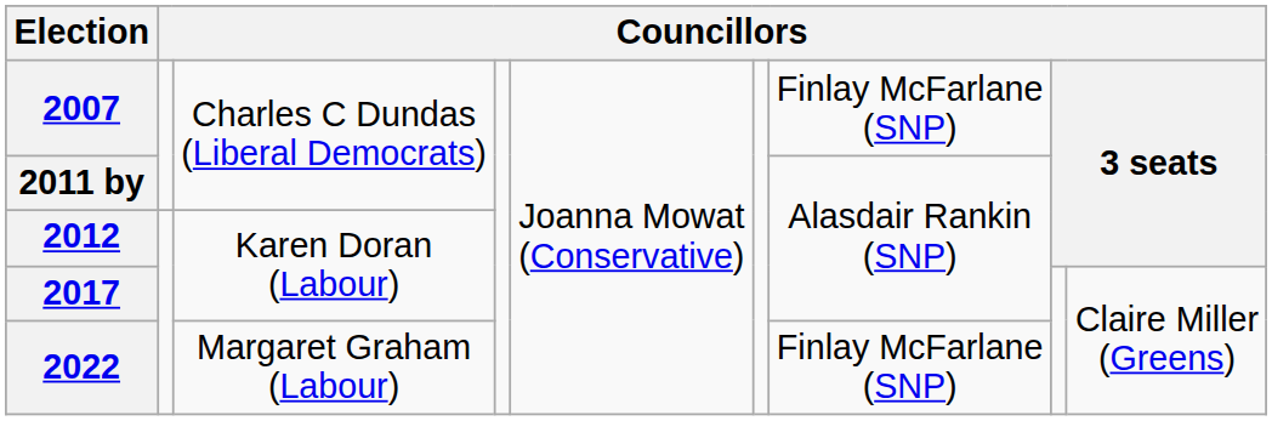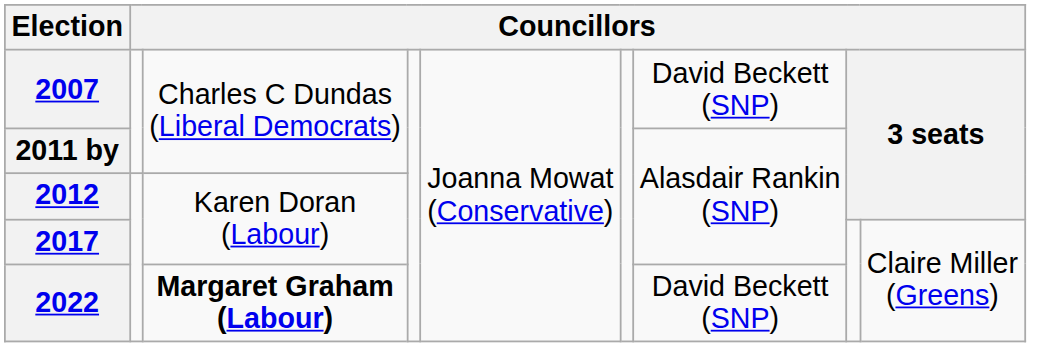 <table class="wikitable" style="text-align:center">
 <tr>
 <th>Election</th>
 <th colspan=8>Councillors</th>
 </tr>
 <tr>
 <th><a href='#'>2007</a></th>
 <td rowspan=2; style="background-color: "></td>
 <td rowspan=2>Charles C Dundas<br>(<a href='#'>Liberal Democrats</a>)</td>
 <td rowspan=5; style="background-color: "></td>
 <td rowspan=5>Joanna Mowat<br>(<a href='#'>Conservative</a>)</td>
 <td rowspan=5; style="background-color: "></td>
-<td rowspan=1>Finlay McFarlane<br>(<a href='#'>SNP</a>)</td>
+<td rowspan=1>David Beckett<br>(<a href='#'>SNP</a>)</td>
 <th colspan=2; rowspan=3>3 seats</th>
 </tr>
 <tr>
 <th>2011 by</th>
 <td rowspan=3>Alasdair Rankin<br>(<a href='#'>SNP</a>)</td>
 </tr>
 <tr>
 <th><a href='#'>2012</a></th>
 <td rowspan=3; style="background-color: "></td>
 <td rowspan=2>Karen Doran<br>(<a href='#'>Labour</a>)</td>
 </tr>
 <tr>
 <th><a href='#'>2017</a></th>
 <td rowspan=2; style="background-color: "></td>
 <td rowspan=2>Claire Miller<br>(<a href='#'>Greens</a>)</td>
 </tr>
 <tr>
 <th><a href='#'>2022</a></th>
-<td rowspan=1>Margaret Graham<br>(<a href='#'>Labour</a>)</td>
-<td rowspan=1>Finlay McFarlane<br>(<a href='#'>SNP</a>)</td>
+<td rowspan=1><strong>Margaret Graham<br>(<a href='#'>Labour</a>)</strong></td>
+<td rowspan=1>David Beckett<br>(<a href='#'>SNP</a>)</td>
 </tr>
 </table>
